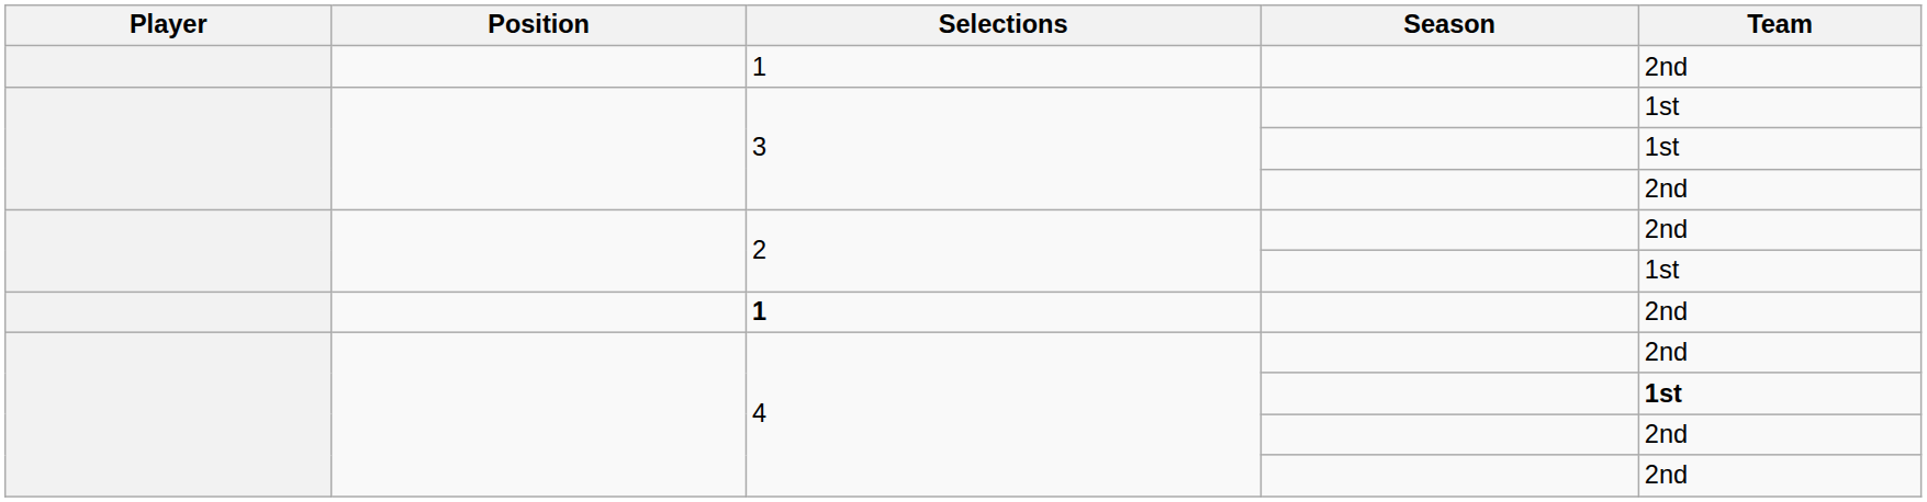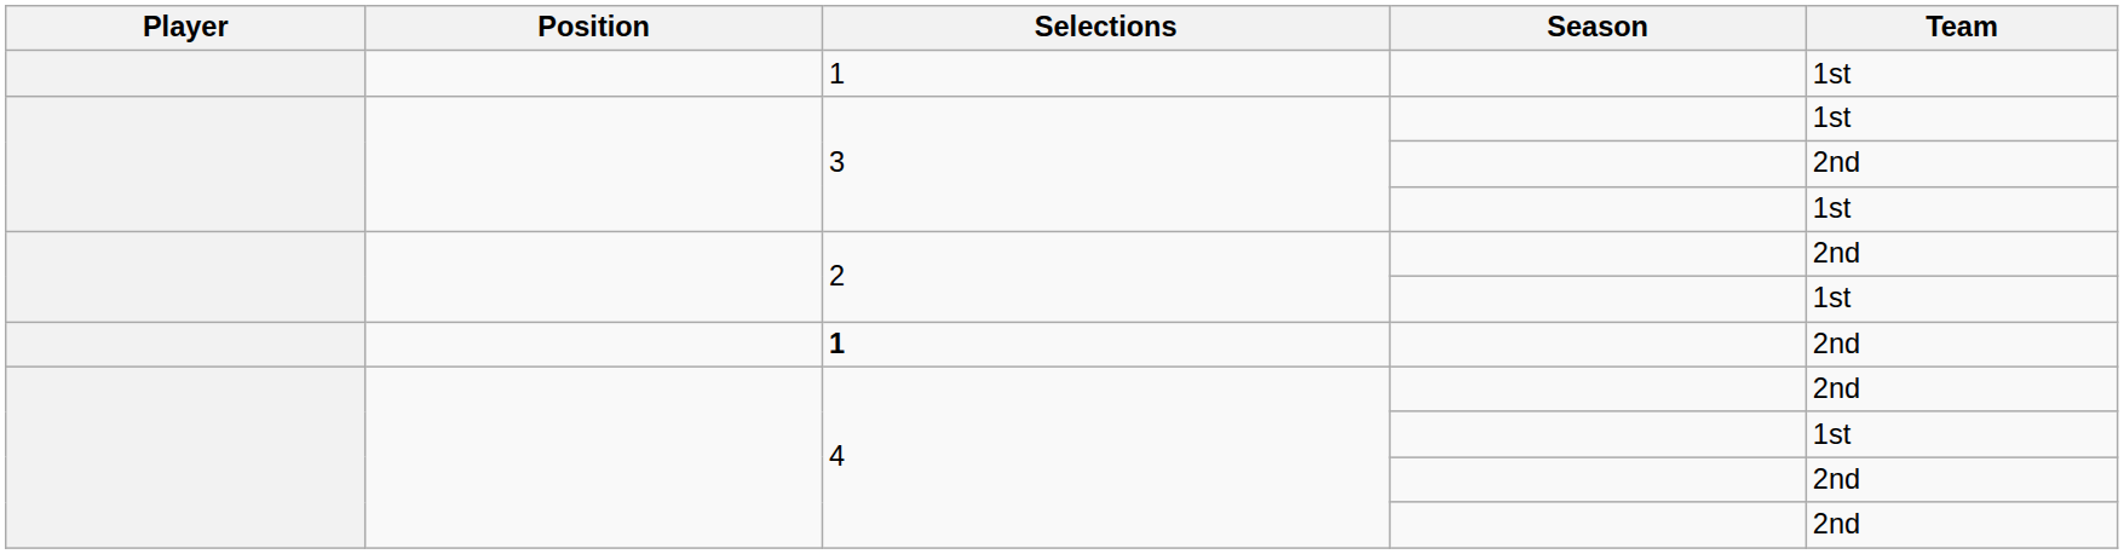 <table class="wikitable sortable" width="75%">
 <tr>
 <th scope="col">Player</th>
 <th scope="col">Position</th>
 <th scope="col">Selections</th>
 <th scope="col">Season</th>
 <th scope="col">Team</th>
 </tr>
 <tr>
 <th scope="row"></th>
 <td></td>
 <td>1</td>
 <td></td>
-<td>2nd</td>
+<td>1st</td>
 </tr>
 <tr>
 <th scope="row" rowspan="3"></th>
 <td rowspan="3"></td>
 <td rowspan="3">3</td>
 <td></td>
 <td>1st</td>
 </tr>
 <tr>
 <td></td>
-<td>1st</td>
+<td>2nd</td>
 </tr>
 <tr>
 <td></td>
-<td>2nd</td>
+<td>1st</td>
 </tr>
 <tr>
 <th scope="row" rowspan="2"></th>
 <td rowspan="2"></td>
 <td rowspan="2">2</td>
 <td></td>
 <td>2nd</td>
 </tr>
 <tr>
 <td></td>
 <td>1st</td>
 </tr>
 <tr>
 <th scope="row"></th>
 <td></td>
 <td><strong>1</strong></td>
 <td></td>
 <td>2nd</td>
 </tr>
 <tr>
 <th scope="row" rowspan="4"></th>
 <td rowspan="4"></td>
 <td rowspan="4">4</td>
 <td></td>
 <td>2nd</td>
 </tr>
 <tr>
 <td></td>
-<td><strong>1st</strong></td>
+<td>1st</td>
 </tr>
 <tr>
 <td></td>
 <td>2nd</td>
 </tr>
 <tr>
 <td></td>
 <td>2nd</td>
 </tr>
 </table>
